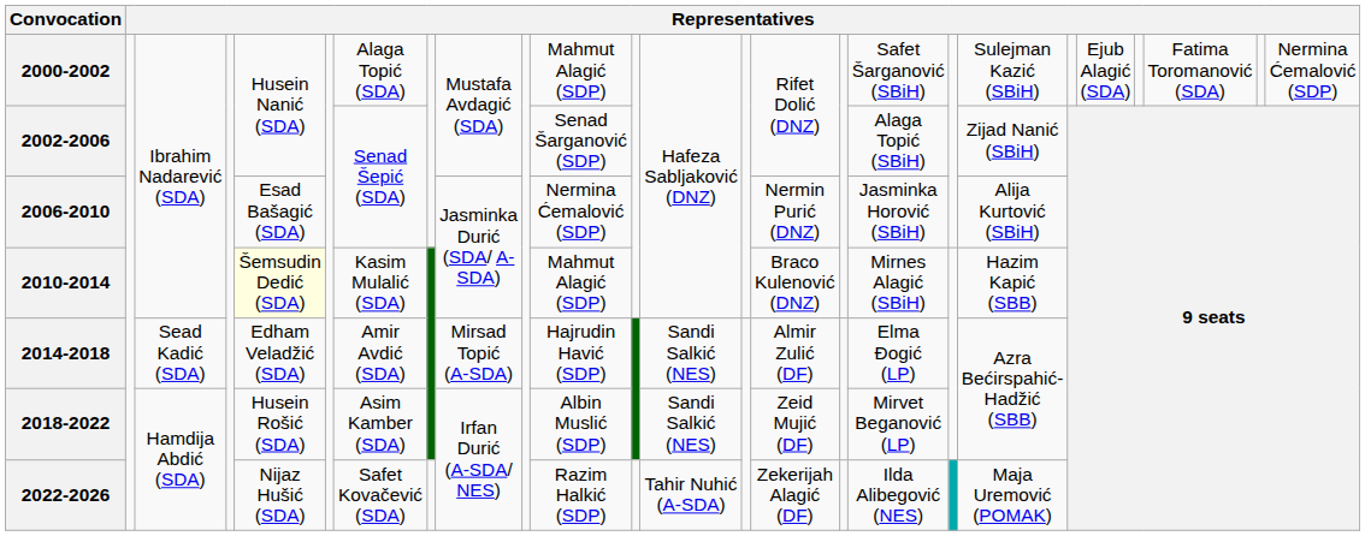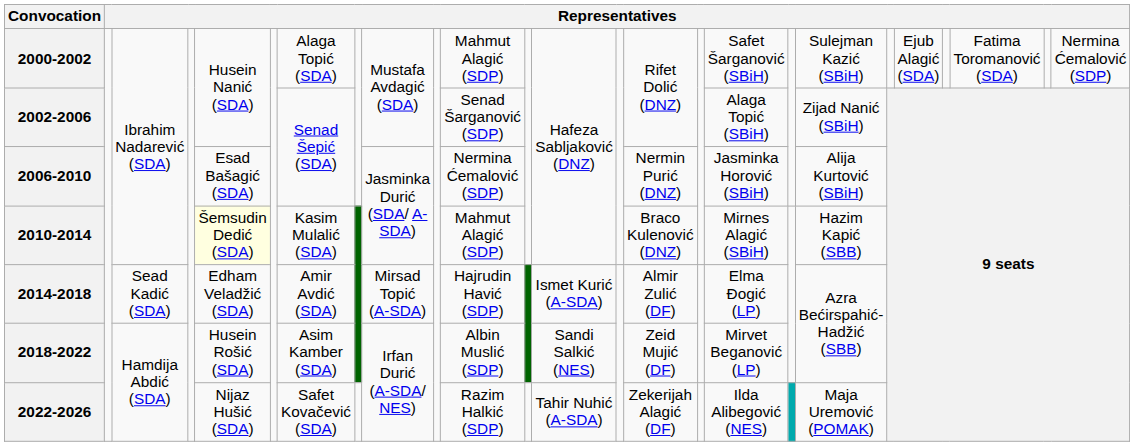 <table class="wikitable" style="text-align:center">
 <tr>
 <th>Convocation</th>
 <th colspan=24>Representatives</th>
 </tr>
 <tr>
 <th>2000-2002</th>
 <td rowspan=7; style="background-color: "></td>
 <td rowspan=4>Ibrahim Nadarević<br>(<a href='#'>SDA</a>)</td>
 <td rowspan=7; style="background-color: "></td>
 <td rowspan=2>Husein Nanić<br>(<a href='#'>SDA</a>)</td>
 <td rowspan=7; style="background-color: "></td>
 <td rowspan=1>Alaga Topić<br>(<a href='#'>SDA</a>)</td>
 <td rowspan=3; style="background-color: "></td>
 <td rowspan=2>Mustafa Avdagić<br>(<a href='#'>SDA</a>)</td>
 <td rowspan=7; style="background-color: "></td>
 <td rowspan=1>Mahmut Alagić<br>(<a href='#'>SDP</a>)</td>
 <td rowspan=4; style="background-color: "></td>
 <td rowspan=4>Hafeza Sabljaković<br>(<a href='#'>DNZ</a>)</td>
 <td rowspan=4; style="background-color: "></td>
 <td rowspan=2>Rifet Dolić<br>(<a href='#'>DNZ</a>)</td>
 <td rowspan=4; style="background-color: "></td>
 <td rowspan=1>Safet Šarganović<br>(<a href='#'>SBiH</a>)</td>
 <td rowspan=3; style="background-color: "></td>
 <td rowspan=1>Sulejman Kazić<br>(<a href='#'>SBiH</a>)</td>
 <td rowspan=1; style="background-color: "></td>
 <td rowspan=1>Ejub Alagić<br>(<a href='#'>SDA</a>)</td>
 <td rowspan=1; style="background-color: "></td>
 <td rowspan=1>Fatima Toromanović<br>(<a href='#'>SDA</a>)</td>
 <td rowspan=1; style="background-color: "></td>
 <td rowspan=1>Nermina Ćemalović<br>(<a href='#'>SDP</a>)</td>
 </tr>
 <tr>
 <th>2002-2006</th>
 <td rowspan=2><a href='#'>Senad Šepić</a><br>(<a href='#'>SDA</a>)</td>
 <td rowspan=1>Senad Šarganović<br>(<a href='#'>SDP</a>)</td>
 <td rowspan=1>Alaga Topić<br>(<a href='#'>SBiH</a>)</td>
 <td rowspan=1>Zijad Nanić<br>(<a href='#'>SBiH</a>)</td>
 <th colspan=6; rowspan=7>9 seats</th>
 </tr>
 <tr>
 <th>2006-2010</th>
 <td rowspan=1>Esad Bašagić<br>(<a href='#'>SDA</a>)</td>
 <td rowspan=2>Jasminka Durić<br>(<a href='#'>SDA</a>/ <a href='#'>A-SDA</a>)</td>
 <td rowspan=1>Nermina Ćemalović<br>(<a href='#'>SDP</a>)</td>
 <td rowspan=1>Nermin Purić<br>(<a href='#'>DNZ</a>)</td>
 <td rowspan=1>Jasminka Horović<br>(<a href='#'>SBiH</a>)</td>
 <td rowspan=1>Alija Kurtović<br>(<a href='#'>SBiH</a>)</td>
 </tr>
 <tr>
 <th>2010-2014</th>
 <td rowspan=1 style="background: lightyellow;">Šemsudin Dedić<br>(<a href='#'>SDA</a>)</td>
 <td rowspan=1>Kasim Mulalić<br>(<a href='#'>SDA</a>)</td>
 <td rowspan=3; style="background:darkgreen"></td>
 <td rowspan=1>Mahmut Alagić<br>(<a href='#'>SDP</a>)</td>
 <td rowspan=1>Braco Kulenović<br>(<a href='#'>DNZ</a>)</td>
 <td rowspan=1>Mirnes Alagić<br>(<a href='#'>SBiH</a>)</td>
 <td rowspan=3; style="background-color: "></td>
 <td rowspan=1>Hazim Kapić<br>(<a href='#'>SBB</a>)</td>
 </tr>
 <tr>
 <th>2014-2018</th>
 <td rowspan=1>Sead Kadić<br>(<a href='#'>SDA</a>)</td>
 <td rowspan=1>Edham Veladžić<br>(<a href='#'>SDA</a>)</td>
 <td rowspan=1>Amir Avdić<br>(<a href='#'>SDA</a>)</td>
 <td rowspan=1>Mirsad Topić<br>(<a href='#'>A-SDA</a>)</td>
 <td rowspan=1>Hajrudin Havić<br>(<a href='#'>SDP</a>)</td>
 <td rowspan=2; style="background:darkgreen"></td>
-<td rowspan=1>Sandi Salkić<br>(<a href='#'>NES</a>)</td>
+<td rowspan=1>Ismet Kurić<br>(<a href='#'>A-SDA</a>)</td>
 <td rowspan=3; style="background-color: "></td>
 <td rowspan=1>Almir Zulić<br>(<a href='#'>DF</a>)</td>
 <td rowspan=2; style="background-color: "></td>
 <td rowspan=1>Elma Đogić<br>(<a href='#'>LP</a>)</td>
 <td rowspan=2>Azra Bećirspahić-Hadžić<br>(<a href='#'>SBB</a>)</td>
 </tr>
 <tr>
 <th>2018-2022</th>
 <td rowspan=2>Hamdija Abdić<br>(<a href='#'>SDA</a>)</td>
 <td rowspan=1>Husein Rošić<br>(<a href='#'>SDA</a>)</td>
 <td rowspan=1>Asim Kamber<br>(<a href='#'>SDA</a>)</td>
 <td rowspan=2>Irfan Durić<br>(<a href='#'>A-SDA</a>/<br><a href='#'>NES</a>)</td>
 <td rowspan=1>Albin Muslić<br>(<a href='#'>SDP</a>)</td>
 <td rowspan=1>Sandi Salkić<br>(<a href='#'>NES</a>)</td>
 <td rowspan=1>Zeid Mujić<br>(<a href='#'>DF</a>)</td>
 <td rowspan=1>Mirvet Beganović<br>(<a href='#'>LP</a>)</td>
 </tr>
 <tr>
 <th>2022-2026</th>
 <td rowspan=1>Nijaz Hušić<br>(<a href='#'>SDA</a>)</td>
 <td rowspan=1>Safet Kovačević<br>(<a href='#'>SDA</a>)</td>
 <td rowspan=1; style="background-color: "></td>
 <td rowspan=1>Razim Halkić<br>(<a href='#'>SDP</a>)</td>
 <td rowspan=1; style="background-color: "></td>
 <td rowspan=1>Tahir Nuhić<br>(<a href='#'>A-SDA</a>)</td>
 <td rowspan=1>Zekerijah Alagić<br>(<a href='#'>DF</a>)</td>
 <td rowspan=1; style="background-color: "></td>
 <td rowspan=1>Ilda Alibegović<br>(<a href='#'>NES</a>)</td>
 <td rowspan=1; style="background-color: #00AAAD"></td>
 <td rowspan=1>Maja Uremović<br>(<a href='#'>POMAK</a>)</td>
 </tr>
 </table>
